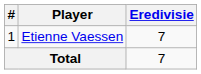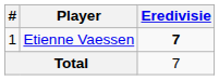 <table class="wikitable" style="text-align:center;">
 <tr>
 <th>#</th>
 <th>Player</th>
 <th><a href='#'>Eredivisie</a></th>
 </tr>
 <tr>
 <td>1</td>
 <td align="left"> <a href='#'>Etienne Vaessen</a></td>
-<td>7</td>
+<td><strong>7</strong></td>
 </tr>
 <tr>
 <th colspan="2">Total</th>
 <td>7</td>
 </tr>
 </table>
